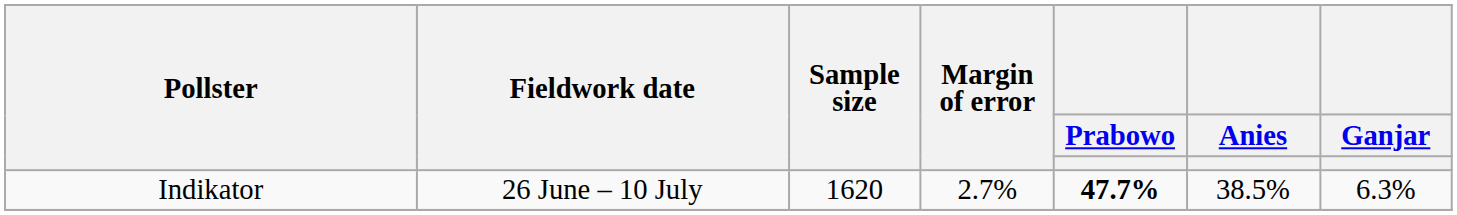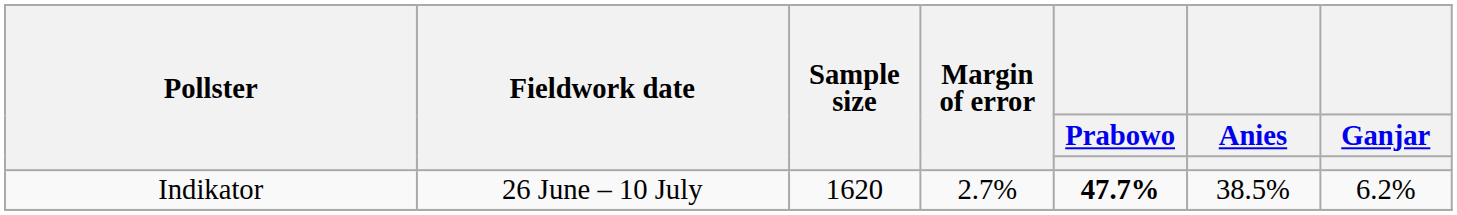 <table class="wikitable" style="text-align:center; font-size:90%; line-height:14px;">
 <tr style="height:55px; background-color:#E9E9E9">
 <th rowspan="3" style="width:200px;">Pollster</th>
 <th rowspan="3" style="width:180px;">Fieldwork date</th>
 <th rowspan="3" style="width:60px;">Sample size</th>
 <th rowspan="3" style="width:60px;">Margin of error</th>
 <th style="width:60px;"></th>
 <th style="width:60px;"></th>
 <th style="width:60px;"></th>
 </tr>
 <tr>
 <th><a href='#'>Prabowo</a> <br></th>
 <th><a href='#'>Anies</a> <br></th>
 <th><a href='#'>Ganjar</a> <br></th>
 </tr>
 <tr>
 <th class="unsortable" style="color:inherit;background:"></th>
 <th class="unsortable" style="color:inherit;background:"></th>
 <th class="unsortable" style="color:inherit;background:"></th>
 </tr>
 <tr>
 <td>Indikator</td>
 <td>26 June – 10 July</td>
 <td>1620</td>
 <td>2.7%</td>
 <td style="background-color:#"><strong>47.7%</strong> </td>
 <td>38.5% </td>
-<td>6.3% </td>
+<td>6.2% </td>
 </tr>
 <tr>
 </tr>
 </table>
